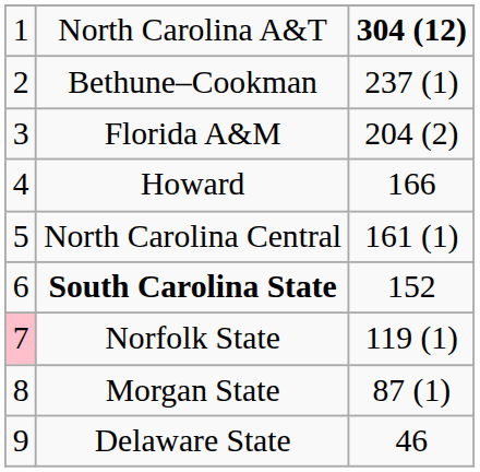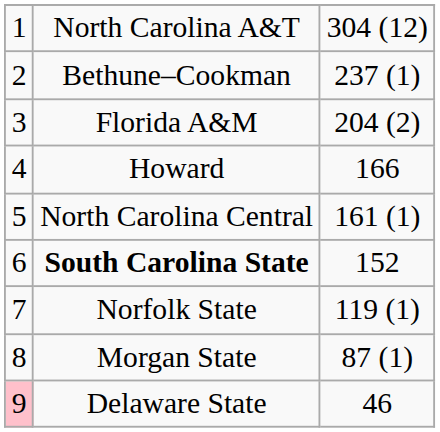 <table class="wikitable">
 <tr align="center">
 </tr>
 <tr align="center">
 <td>1</td>
 <td>North Carolina A&T</td>
-<td><strong>304 (12)</strong></td>
+<td>304 (12)</td>
 </tr>
 <tr align="center">
 <td>2</td>
 <td>Bethune–Cookman</td>
 <td>237 (1)</td>
 </tr>
 <tr align="center">
 <td>3</td>
 <td>Florida A&M</td>
 <td>204 (2)</td>
 </tr>
 <tr align="center">
 <td>4</td>
 <td>Howard</td>
 <td>166</td>
 </tr>
 <tr align="center">
 <td>5</td>
 <td>North Carolina Central</td>
 <td>161 (1)</td>
 </tr>
 <tr align="center">
 <td>6</td>
 <td><strong>South Carolina State</strong></td>
 <td>152</td>
 </tr>
 <tr align="center">
-<td style="background: pink;">7</td>
+<td>7</td>
 <td>Norfolk State</td>
 <td>119 (1)</td>
 </tr>
 <tr align="center">
 <td>8</td>
 <td>Morgan State</td>
 <td>87 (1)</td>
 </tr>
 <tr align="center">
-<td>9</td>
+<td style="background: pink;">9</td>
 <td>Delaware State</td>
 <td>46</td>
 </tr>
 </table>
